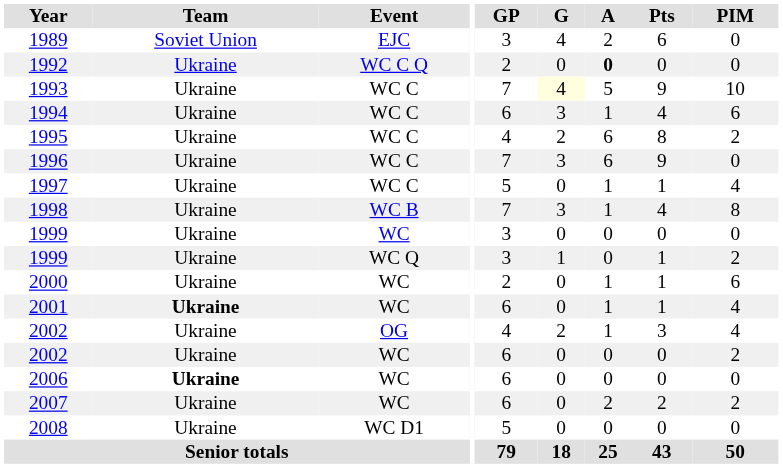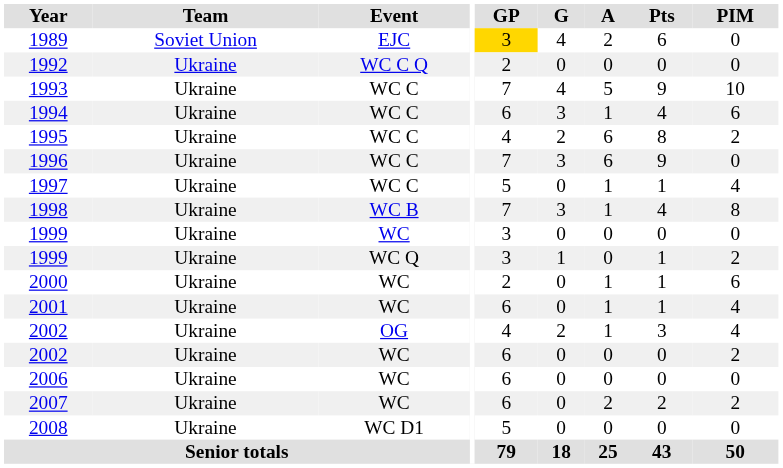 <table border="0" cellpadding="1" cellspacing="0" style="text-align:center; width:40em">
 <tr bgcolor="#e0e0e0">
 <th>Year</th>
 <th>Team</th>
 <th>Event</th>
 <th rowspan="99" bgcolor="#ffffff"></th>
 <th>GP</th>
 <th>G</th>
 <th>A</th>
 <th>Pts</th>
 <th>PIM</th>
 </tr>
 <tr>
 <td><a href='#'>1989</a></td>
 <td><a href='#'>Soviet Union</a></td>
 <td><a href='#'>EJC</a></td>
-<td>3</td>
+<td style="background: gold;">3</td>
 <td>4</td>
 <td>2</td>
 <td>6</td>
 <td>0</td>
 </tr>
 <tr bgcolor="#f0f0f0">
 <td><a href='#'>1992</a></td>
 <td><a href='#'>Ukraine</a></td>
 <td><a href='#'>WC C Q</a></td>
 <td>2</td>
 <td>0</td>
-<td><strong>0</strong></td>
+<td>0</td>
 <td>0</td>
 <td>0</td>
 </tr>
 <tr>
 <td><a href='#'>1993</a></td>
 <td>Ukraine</td>
 <td>WC C</td>
 <td>7</td>
-<td style="background: lightyellow;">4</td>
+<td>4</td>
 <td>5</td>
 <td>9</td>
 <td>10</td>
 </tr>
 <tr bgcolor="#f0f0f0">
 <td><a href='#'>1994</a></td>
 <td>Ukraine</td>
 <td>WC C</td>
 <td>6</td>
 <td>3</td>
 <td>1</td>
 <td>4</td>
 <td>6</td>
 </tr>
 <tr>
 <td><a href='#'>1995</a></td>
 <td>Ukraine</td>
 <td>WC C</td>
 <td>4</td>
 <td>2</td>
 <td>6</td>
 <td>8</td>
 <td>2</td>
 </tr>
 <tr bgcolor="#f0f0f0">
 <td><a href='#'>1996</a></td>
 <td>Ukraine</td>
 <td>WC C</td>
 <td>7</td>
 <td>3</td>
 <td>6</td>
 <td>9</td>
 <td>0</td>
 </tr>
 <tr>
 <td><a href='#'>1997</a></td>
 <td>Ukraine</td>
 <td>WC C</td>
 <td>5</td>
 <td>0</td>
 <td>1</td>
 <td>1</td>
 <td>4</td>
 </tr>
 <tr bgcolor="#f0f0f0">
 <td><a href='#'>1998</a></td>
 <td>Ukraine</td>
 <td><a href='#'>WC B</a></td>
 <td>7</td>
 <td>3</td>
 <td>1</td>
 <td>4</td>
 <td>8</td>
 </tr>
 <tr>
 <td><a href='#'>1999</a></td>
 <td>Ukraine</td>
 <td><a href='#'>WC</a></td>
 <td>3</td>
 <td>0</td>
 <td>0</td>
 <td>0</td>
 <td>0</td>
 </tr>
 <tr bgcolor="#f0f0f0">
 <td><a href='#'>1999</a></td>
 <td>Ukraine</td>
 <td>WC Q</td>
 <td>3</td>
 <td>1</td>
 <td>0</td>
 <td>1</td>
 <td>2</td>
 </tr>
 <tr>
 <td><a href='#'>2000</a></td>
 <td>Ukraine</td>
 <td>WC</td>
 <td>2</td>
 <td>0</td>
 <td>1</td>
 <td>1</td>
 <td>6</td>
 </tr>
 <tr bgcolor="#f0f0f0">
 <td><a href='#'>2001</a></td>
-<td><strong>Ukraine</strong></td>
+<td>Ukraine</td>
 <td>WC</td>
 <td>6</td>
 <td>0</td>
 <td>1</td>
 <td>1</td>
 <td>4</td>
 </tr>
 <tr>
 <td><a href='#'>2002</a></td>
 <td>Ukraine</td>
 <td><a href='#'>OG</a></td>
 <td>4</td>
 <td>2</td>
 <td>1</td>
 <td>3</td>
 <td>4</td>
 </tr>
 <tr bgcolor="#f0f0f0">
 <td><a href='#'>2002</a></td>
 <td>Ukraine</td>
 <td>WC</td>
 <td>6</td>
 <td>0</td>
 <td>0</td>
 <td>0</td>
 <td>2</td>
 </tr>
 <tr>
 <td><a href='#'>2006</a></td>
-<td><strong>Ukraine</strong></td>
+<td>Ukraine</td>
 <td>WC</td>
 <td>6</td>
 <td>0</td>
 <td>0</td>
 <td>0</td>
 <td>0</td>
 </tr>
 <tr bgcolor="#f0f0f0">
 <td><a href='#'>2007</a></td>
 <td>Ukraine</td>
 <td>WC</td>
 <td>6</td>
 <td>0</td>
 <td>2</td>
 <td>2</td>
 <td>2</td>
 </tr>
 <tr>
 <td><a href='#'>2008</a></td>
 <td>Ukraine</td>
 <td>WC D1</td>
 <td>5</td>
 <td>0</td>
 <td>0</td>
 <td>0</td>
 <td>0</td>
 </tr>
 <tr bgcolor="#e0e0e0">
 <th colspan="3">Senior totals</th>
 <th>79</th>
 <th>18</th>
 <th>25</th>
 <th>43</th>
 <th>50</th>
 </tr>
 </table>
